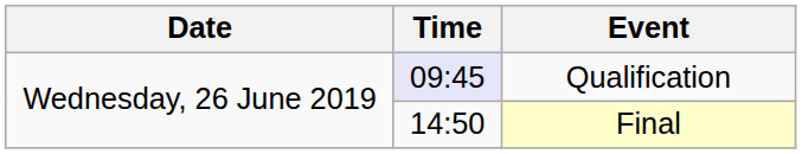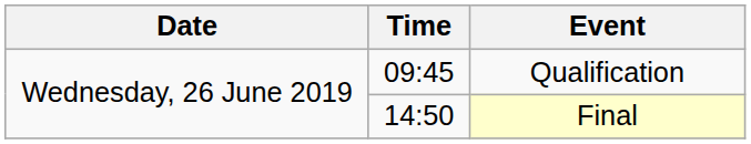 <table class = "wikitable" style="text-align:center;">
 <tr>
 <th width=200>Date</th>
 <th width=50>Time</th>
 <th width=150>Event</th>
 </tr>
 <tr>
 <td rowspan=2>Wednesday, 26 June 2019</td>
-<td style="background: lavender;">09:45</td>
+<td>09:45</td>
 <td>Qualification</td>
 </tr>
 <tr>
 <td>14:50</td>
 <td bgcolor=ffffcc>Final</td>
 </tr>
 </table>
